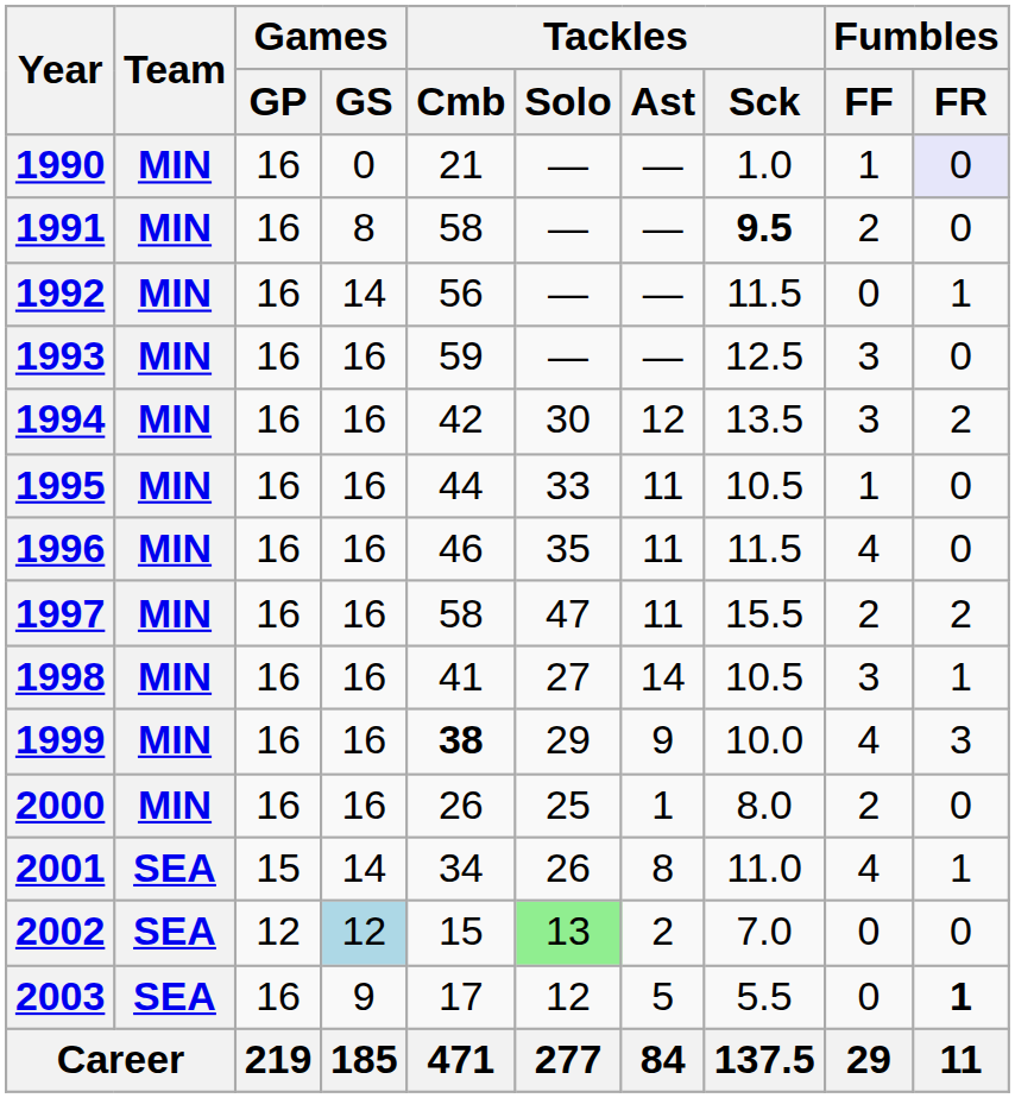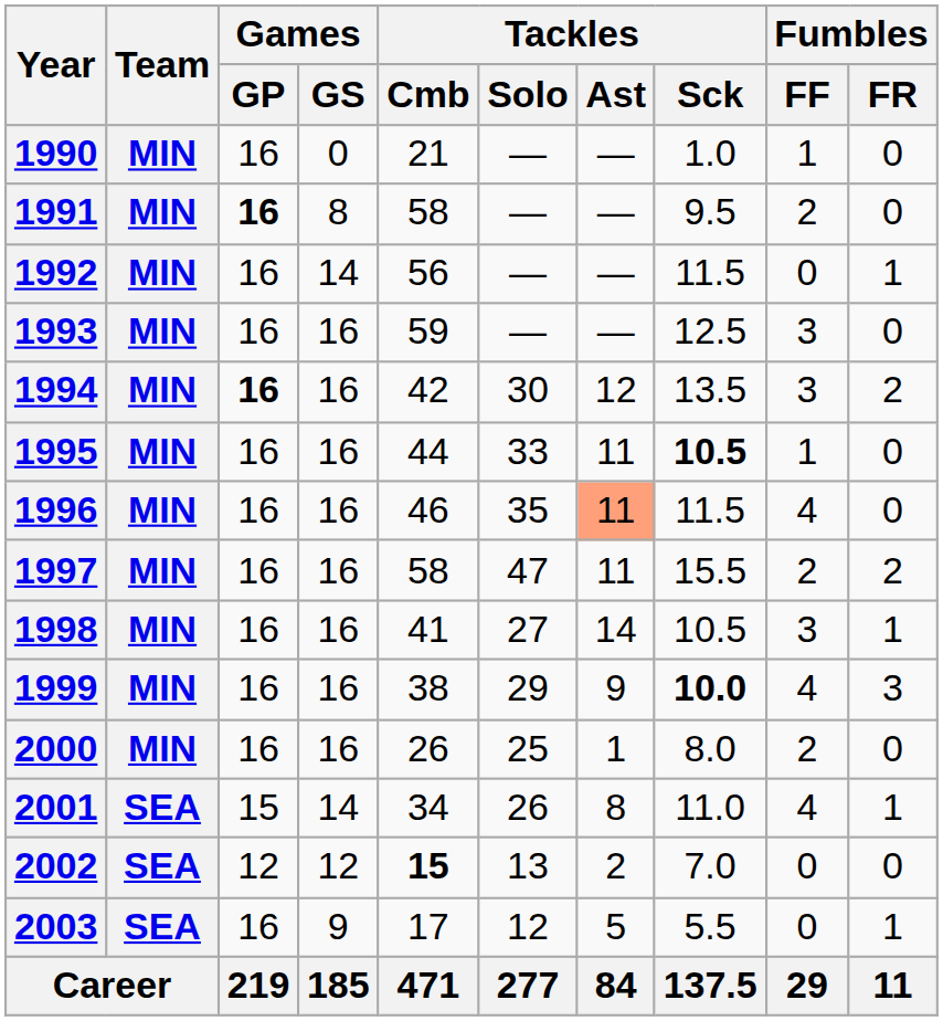 <table class="wikitable" style="text-align:center;">
 <tr>
 <th rowspan="2">Year</th>
 <th rowspan="2">Team</th>
 <th colspan="2">Games</th>
 <th colspan="4">Tackles</th>
 <th colspan="2">Fumbles</th>
 </tr>
 <tr>
 <th>GP</th>
 <th>GS</th>
 <th>Cmb</th>
 <th>Solo</th>
 <th>Ast</th>
 <th>Sck</th>
 <th>FF</th>
 <th>FR</th>
 </tr>
 <tr>
 <th><a href='#'>1990</a></th>
 <th><a href='#'>MIN</a></th>
 <td>16</td>
 <td>0</td>
 <td>21</td>
 <td>—</td>
 <td>—</td>
 <td>1.0</td>
 <td>1</td>
-<td style="background: lavender;">0</td>
+<td>0</td>
 </tr>
 <tr>
 <th><a href='#'>1991</a></th>
 <th><a href='#'>MIN</a></th>
-<td>16</td>
+<td><strong>16</strong></td>
 <td>8</td>
 <td>58</td>
 <td>—</td>
 <td>—</td>
-<td><strong>9.5</strong></td>
+<td>9.5</td>
 <td>2</td>
 <td>0</td>
 </tr>
 <tr>
 <th><a href='#'>1992</a></th>
 <th><a href='#'>MIN</a></th>
 <td>16</td>
 <td>14</td>
 <td>56</td>
 <td>—</td>
 <td>—</td>
 <td>11.5</td>
 <td>0</td>
 <td>1</td>
 </tr>
 <tr>
 <th><a href='#'>1993</a></th>
 <th><a href='#'>MIN</a></th>
 <td>16</td>
 <td>16</td>
 <td>59</td>
 <td>—</td>
 <td>—</td>
 <td>12.5</td>
 <td>3</td>
 <td>0</td>
 </tr>
 <tr>
 <th><a href='#'>1994</a></th>
 <th><a href='#'>MIN</a></th>
-<td>16</td>
+<td><strong>16</strong></td>
 <td>16</td>
 <td>42</td>
 <td>30</td>
 <td>12</td>
 <td>13.5</td>
 <td>3</td>
 <td>2</td>
 </tr>
 <tr>
 <th><a href='#'>1995</a></th>
 <th><a href='#'>MIN</a></th>
 <td>16</td>
 <td>16</td>
 <td>44</td>
 <td>33</td>
 <td>11</td>
-<td>10.5</td>
+<td><strong>10.5</strong></td>
 <td>1</td>
 <td>0</td>
 </tr>
 <tr>
 <th><a href='#'>1996</a></th>
 <th><a href='#'>MIN</a></th>
 <td>16</td>
 <td>16</td>
 <td>46</td>
 <td>35</td>
-<td>11</td>
+<td style="background: lightsalmon;">11</td>
 <td>11.5</td>
 <td>4</td>
 <td>0</td>
 </tr>
 <tr>
 <th><a href='#'>1997</a></th>
 <th><a href='#'>MIN</a></th>
 <td>16</td>
 <td>16</td>
 <td>58</td>
 <td>47</td>
 <td>11</td>
 <td>15.5</td>
 <td>2</td>
 <td>2</td>
 </tr>
 <tr>
 <th><a href='#'>1998</a></th>
 <th><a href='#'>MIN</a></th>
 <td>16</td>
 <td>16</td>
 <td>41</td>
 <td>27</td>
 <td>14</td>
 <td>10.5</td>
 <td>3</td>
 <td>1</td>
 </tr>
 <tr>
 <th><a href='#'>1999</a></th>
 <th><a href='#'>MIN</a></th>
 <td>16</td>
 <td>16</td>
-<td><strong>38</strong></td>
+<td>38</td>
 <td>29</td>
 <td>9</td>
-<td>10.0</td>
+<td><strong>10.0</strong></td>
 <td>4</td>
 <td>3</td>
 </tr>
 <tr>
 <th><a href='#'>2000</a></th>
 <th><a href='#'>MIN</a></th>
 <td>16</td>
 <td>16</td>
 <td>26</td>
 <td>25</td>
 <td>1</td>
 <td>8.0</td>
 <td>2</td>
 <td>0</td>
 </tr>
 <tr>
 <th><a href='#'>2001</a></th>
 <th><a href='#'>SEA</a></th>
 <td>15</td>
 <td>14</td>
 <td>34</td>
 <td>26</td>
 <td>8</td>
 <td>11.0</td>
 <td>4</td>
 <td>1</td>
 </tr>
 <tr>
 <th><a href='#'>2002</a></th>
 <th><a href='#'>SEA</a></th>
 <td>12</td>
-<td style="background: lightblue;">12</td>
-<td>15</td>
-<td style="background: lightgreen;">13</td>
+<td>12</td>
+<td><strong>15</strong></td>
+<td>13</td>
 <td>2</td>
 <td>7.0</td>
 <td>0</td>
 <td>0</td>
 </tr>
 <tr>
 <th><a href='#'>2003</a></th>
 <th><a href='#'>SEA</a></th>
 <td>16</td>
 <td>9</td>
 <td>17</td>
 <td>12</td>
 <td>5</td>
 <td>5.5</td>
 <td>0</td>
-<td><strong>1</strong></td>
+<td>1</td>
 </tr>
 <tr>
 <th colspan="2">Career</th>
 <th>219</th>
 <th>185</th>
 <th>471</th>
 <th>277</th>
 <th>84</th>
 <th>137.5</th>
 <th>29</th>
 <th>11</th>
 </tr>
 </table>
